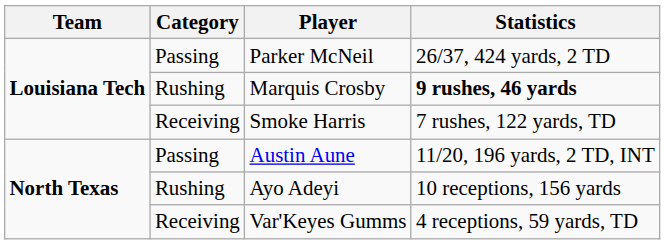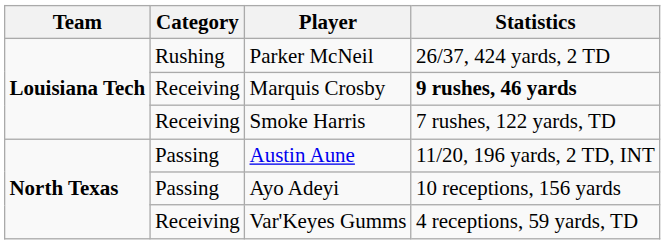 <table class="wikitable" style="float: left;">
 <tr>
 <th>Team</th>
 <th>Category</th>
 <th>Player</th>
 <th>Statistics</th>
 </tr>
 <tr>
 <td rowspan=3><strong>Louisiana Tech</strong></td>
-<td>Passing</td>
+<td>Rushing</td>
 <td>Parker McNeil</td>
 <td>26/37, 424 yards, 2 TD</td>
 </tr>
 <tr>
-<td>Rushing</td>
+<td>Receiving</td>
 <td>Marquis Crosby</td>
 <td><strong>9 rushes, 46 yards</strong></td>
 </tr>
 <tr>
 <td>Receiving</td>
 <td>Smoke Harris</td>
 <td>7 rushes, 122 yards, TD</td>
 </tr>
 <tr>
 <td rowspan=3><strong>North Texas</strong></td>
 <td>Passing</td>
 <td><a href='#'>Austin Aune</a></td>
 <td>11/20, 196 yards, 2 TD, INT</td>
 </tr>
 <tr>
-<td>Rushing</td>
+<td>Passing</td>
 <td>Ayo Adeyi</td>
 <td>10 receptions, 156 yards</td>
 </tr>
 <tr>
 <td>Receiving</td>
 <td>Var'Keyes Gumms</td>
 <td>4 receptions, 59 yards, TD</td>
 </tr>
 </table>
